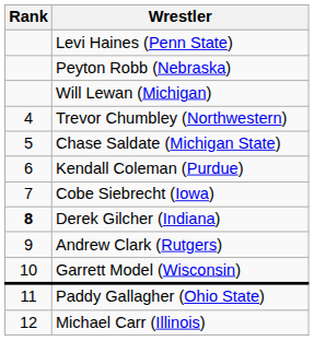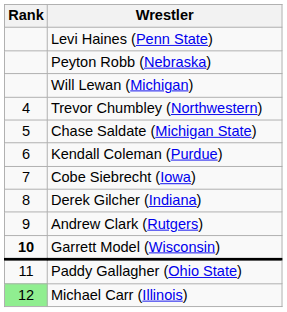 <table class="wikitable" style="text-align: center;">
 <tr>
 <th width="40">Rank</th>
 <th width="250">Wrestler</th>
 </tr>
 <tr>
 <td></td>
 <td align="left">Levi Haines (<a href='#'>Penn State</a>)</td>
 </tr>
 <tr>
 <td></td>
 <td align="left">Peyton Robb (<a href='#'>Nebraska</a>)</td>
 </tr>
 <tr>
 <td></td>
 <td align="left">Will Lewan (<a href='#'>Michigan</a>)</td>
 </tr>
 <tr>
 <td>4</td>
 <td align="left">Trevor Chumbley (<a href='#'>Northwestern</a>)</td>
 </tr>
 <tr>
 <td>5</td>
 <td align="left">Chase Saldate (<a href='#'>Michigan State</a>)</td>
 </tr>
 <tr>
 <td>6</td>
 <td align="left">Kendall Coleman (<a href='#'>Purdue</a>)</td>
 </tr>
 <tr>
 <td>7</td>
 <td align="left">Cobe Siebrecht (<a href='#'>Iowa</a>)</td>
 </tr>
 <tr>
-<td><strong>8</strong></td>
+<td>8</td>
 <td align="left">Derek Gilcher (<a href='#'>Indiana</a>)</td>
 </tr>
 <tr>
 <td>9</td>
 <td align="left">Andrew Clark (<a href='#'>Rutgers</a>)</td>
 </tr>
 <tr>
-<td>10</td>
+<td><strong>10</strong></td>
 <td align="left">Garrett Model (<a href='#'>Wisconsin</a>)</td>
 </tr>
 <tr style="border-top:3px solid black">
 <td>11</td>
 <td align="left">Paddy Gallagher (<a href='#'>Ohio State</a>)</td>
 </tr>
 <tr>
-<td>12</td>
+<td style="background: lightgreen;">12</td>
 <td align="left">Michael Carr (<a href='#'>Illinois</a>)</td>
 </tr>
 </table>
